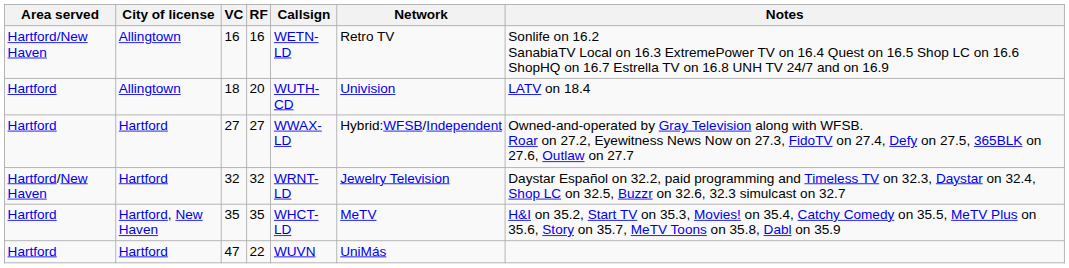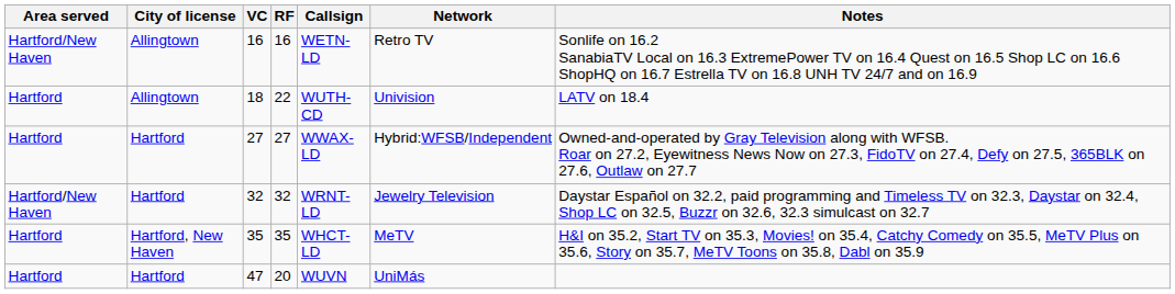 <table class="sortable wikitable" style="margin: 1em 1em 1em 0; background: #f9f9f9;">
 <tr>
 <th>Area served</th>
 <th>City of license</th>
 <th>VC</th>
 <th>RF</th>
 <th>Callsign</th>
 <th>Network</th>
 <th class="unsortable">Notes</th>
 </tr>
 <tr style="vertical-align: top; text-align: left;">
 <td><a href='#'>Hartford/New Haven</a></td>
 <td><a href='#'>Allingtown</a></td>
 <td>16</td>
 <td>16</td>
 <td><a href='#'>WETN-LD</a></td>
 <td>Retro TV</td>
 <td>Sonlife on 16.2<br>SanabiaTV Local on 16.3 ExtremePower TV on 16.4 Quest on 16.5 Shop LC on 16.6  ShopHQ on 16.7 Estrella TV on 16.8  UNH TV 24/7 and on 16.9</td>
 </tr>
 <tr style="vertical-align: top; text-align: left;">
 <td><a href='#'>Hartford</a></td>
 <td><a href='#'>Allingtown</a></td>
 <td>18</td>
-<td>20</td>
+<td>22</td>
 <td><a href='#'>WUTH-CD</a></td>
 <td><a href='#'>Univision</a></td>
 <td><a href='#'>LATV</a> on 18.4</td>
 </tr>
 <tr style="vertical-align: top; text-align: left;">
 <td><a href='#'>Hartford</a></td>
 <td><a href='#'>Hartford</a></td>
 <td>27</td>
 <td>27</td>
 <td><a href='#'>WWAX-LD</a></td>
 <td>Hybrid:<a href='#'>WFSB</a>/<a href='#'>Independent</a></td>
 <td>Owned-and-operated by <a href='#'>Gray Television</a> along with WFSB.<br><a href='#'>Roar</a> on 27.2, Eyewitness News Now on 27.3, <a href='#'>FidoTV</a> on 27.4, <a href='#'>Defy</a> on 27.5, <a href='#'>365BLK</a> on 27.6, <a href='#'>Outlaw</a> on 27.7</td>
 </tr>
 <tr style="vertical-align: top; text-align: left;">
 <td><a href='#'>Hartford</a>/<a href='#'>New Haven</a></td>
 <td><a href='#'>Hartford</a></td>
 <td>32</td>
 <td>32</td>
 <td><a href='#'>WRNT-LD</a></td>
 <td><a href='#'>Jewelry Television</a></td>
 <td>Daystar Español on 32.2, paid programming and <a href='#'>Timeless TV</a> on 32.3, <a href='#'>Daystar</a> on 32.4, <a href='#'>Shop LC</a> on 32.5, <a href='#'>Buzzr</a> on 32.6, 32.3 simulcast on 32.7</td>
 </tr>
 <tr style="vertical-align: top; text-align: left;">
 <td><a href='#'>Hartford</a></td>
 <td><a href='#'>Hartford</a>, <a href='#'>New Haven</a></td>
 <td>35</td>
 <td>35</td>
 <td><a href='#'>WHCT-LD</a></td>
 <td><a href='#'>MeTV</a></td>
 <td><a href='#'>H&I</a> on 35.2, <a href='#'>Start TV</a> on 35.3, <a href='#'>Movies!</a> on 35.4, <a href='#'>Catchy Comedy</a> on 35.5, <a href='#'>MeTV Plus</a> on 35.6, <a href='#'>Story</a> on 35.7, <a href='#'>MeTV Toons</a> on 35.8, <a href='#'>Dabl</a> on 35.9</td>
 </tr>
 <tr style="vertical-align: top; text-align: left;">
 <td><a href='#'>Hartford</a></td>
 <td><a href='#'>Hartford</a></td>
 <td>47</td>
-<td>22</td>
+<td>20</td>
 <td><a href='#'>WUVN</a></td>
 <td><a href='#'>UniMás</a></td>
 <td></td>
 </tr>
 </table>
